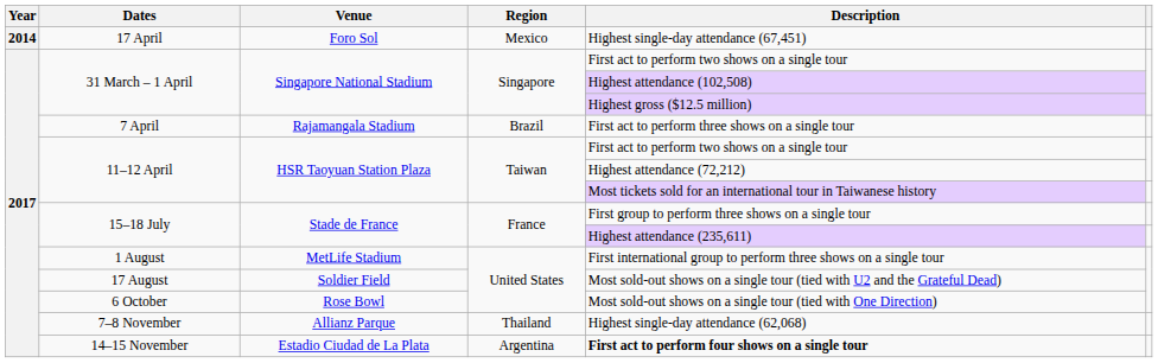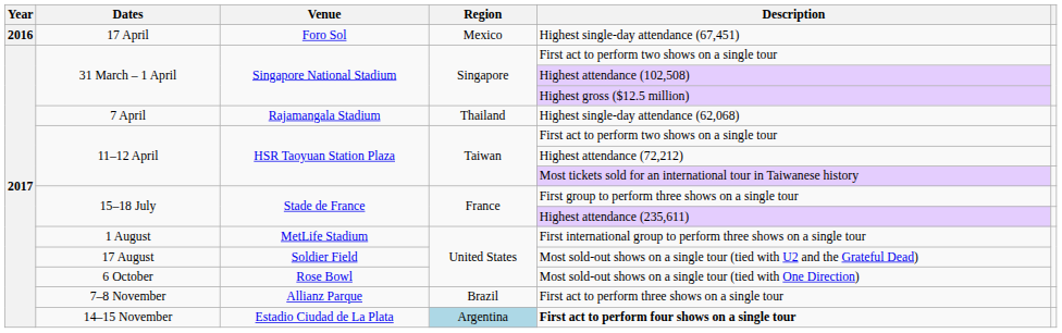 <table class="wikitable sortable plainrowheaders" style="text-align:center;">
 <tr>
 <th scope="col" style="width:2em;">Year</th>
 <th scope="col" style="width:14em;">Dates</th>
 <th scope="col" style="width:16em;">Venue</th>
 <th scope="col" style="width:8em;">Region</th>
 <th scope="col" style="width:40em;">Description</th>
 <th scope="col" class="unsortable"></th>
 </tr>
 <tr>
-<th scope="row" style="text-align:center;">2014</th>
+<th scope="row" style="text-align:center;">2016</th>
 <td>17 April</td>
 <td><a href='#'>Foro Sol</a></td>
 <td>Mexico</td>
 <td style="text-align:left;">Highest single-day attendance (67,451)</td>
 <td></td>
 </tr>
 <tr>
 <th rowspan="14" scope="rowgroup" style="text-align:center;">2017</th>
 <td rowspan="3">31 March – 1 April</td>
 <td rowspan="3"><a href='#'>Singapore National Stadium</a></td>
 <td rowspan="3">Singapore</td>
 <td style="text-align:left;">First act to perform two shows on a single tour</td>
 <td rowspan="3"></td>
 </tr>
 <tr>
 <td style="text-align:left; background-color:#E4CDFE;">Highest attendance (102,508) </td>
 </tr>
 <tr>
 <td style="text-align:left; background-color:#E4CDFE;">Highest gross ($12.5 million) </td>
 </tr>
 <tr>
 <td>7 April</td>
 <td><a href='#'>Rajamangala Stadium</a></td>
-<td>Brazil</td>
-<td style="text-align:left;">First act to perform three shows on a single tour</td>
+<td>Thailand</td>
+<td style="text-align:left;">Highest single-day attendance (62,068)</td>
 <td></td>
 </tr>
 <tr>
 <td rowspan="3">11–12 April</td>
 <td rowspan="3"><a href='#'>HSR Taoyuan Station Plaza</a></td>
 <td rowspan="3">Taiwan</td>
 <td style="text-align:left;">First act to perform two shows on a single tour</td>
 <td rowspan="2"></td>
 </tr>
 <tr>
 <td style="text-align:left;">Highest attendance (72,212)</td>
 </tr>
 <tr>
 <td style="text-align:left; background-color:#E4CDFE;">Most tickets sold for an international tour in Taiwanese history </td>
 <td></td>
 </tr>
 <tr>
 <td rowspan="2">15–18 July</td>
 <td rowspan="2"><a href='#'>Stade de France</a></td>
 <td rowspan="2">France</td>
 <td style="text-align:left;">First group to perform three shows on a single tour</td>
 <td></td>
 </tr>
 <tr>
 <td style="text-align:left; background-color:#E4CDFE;">Highest attendance (235,611) </td>
 <td></td>
 </tr>
 <tr>
 <td>1 August</td>
 <td><a href='#'>MetLife Stadium</a></td>
 <td rowspan="3">United States</td>
 <td style="text-align:left;">First international group to perform three shows on a single tour</td>
 <td rowspan="3"></td>
 </tr>
 <tr>
 <td>17 August</td>
 <td><a href='#'>Soldier Field</a></td>
 <td style="text-align:left;">Most sold-out shows on a single tour (tied with <a href='#'>U2</a> and the <a href='#'>Grateful Dead</a>)</td>
 </tr>
 <tr>
 <td>6 October</td>
 <td><a href='#'>Rose Bowl</a></td>
 <td style="text-align:left;">Most sold-out shows on a single tour (tied with <a href='#'>One Direction</a>)</td>
 </tr>
 <tr>
 <td>7–8 November</td>
 <td><a href='#'>Allianz Parque</a></td>
-<td>Thailand</td>
-<td style="text-align:left;">Highest single-day attendance (62,068)</td>
+<td>Brazil</td>
+<td style="text-align:left;">First act to perform three shows on a single tour</td>
 <td></td>
 </tr>
 <tr>
 <td>14–15 November</td>
 <td><a href='#'>Estadio Ciudad de La Plata</a></td>
-<td>Argentina</td>
+<td style="background: lightblue;">Argentina</td>
 <td style="text-align:left;"><strong>First act to perform four shows on a single tour</strong></td>
 <td></td>
 </tr>
 </table>
